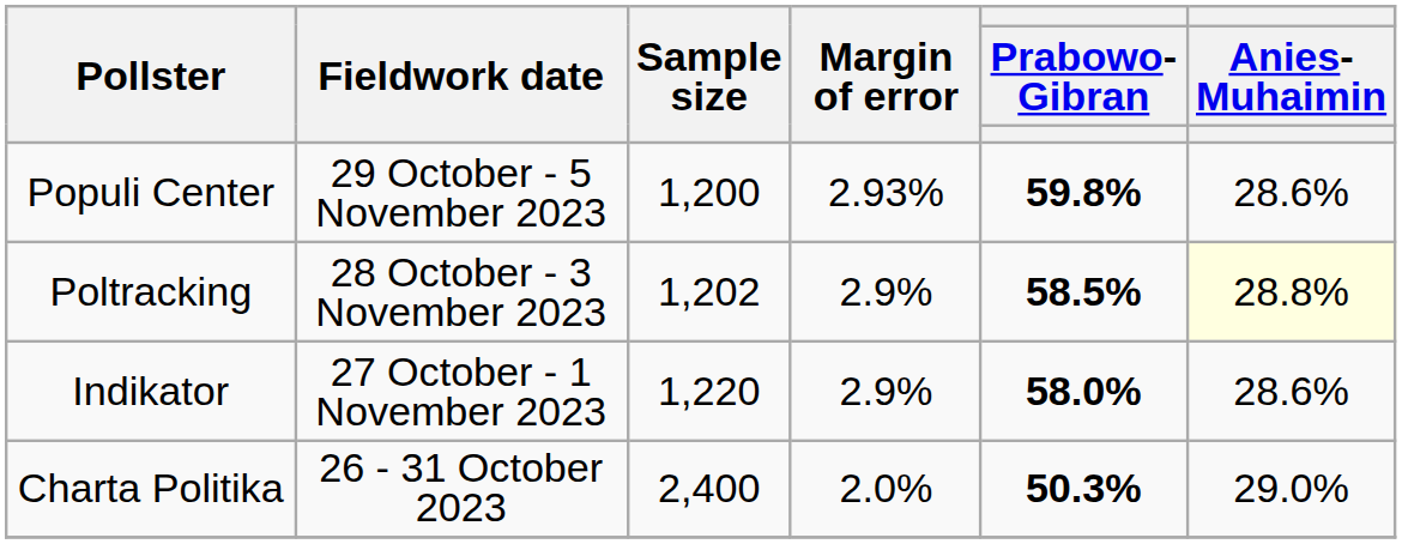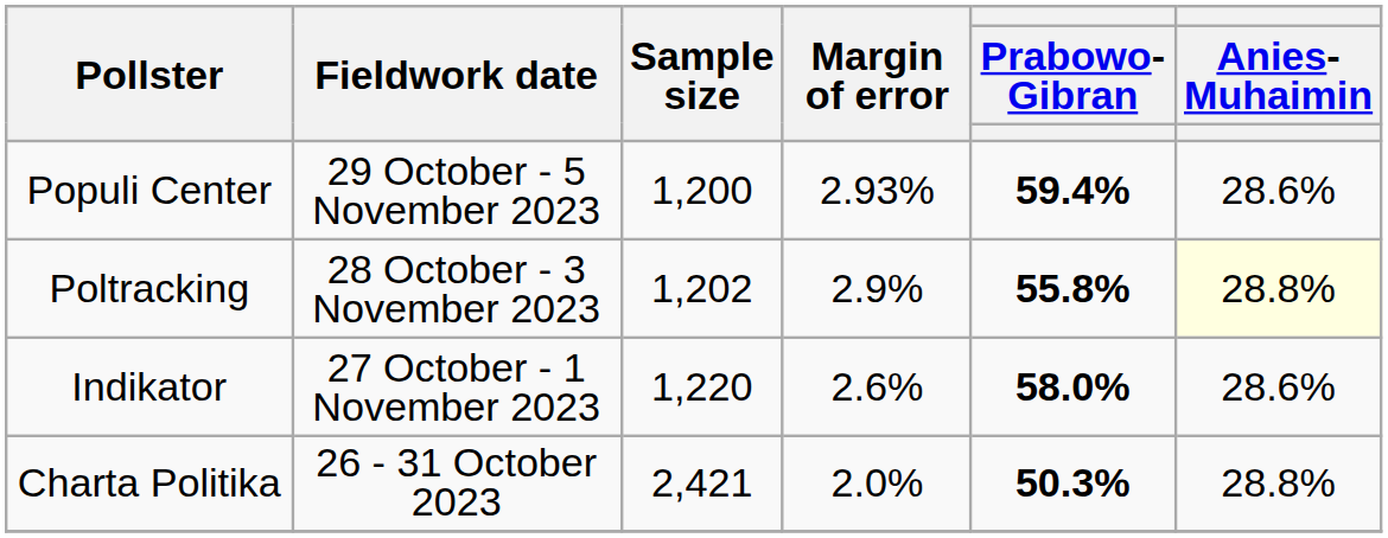 <table class="wikitable" style="text-align:center; font-size:90%; line-height:14px;">
 <tr bgcolor=lightgray>
 <th style="width:95px;" rowspan="3">Pollster</th>
 <th style="width:110px;" rowspan="3">Fieldwork date</th>
 <th style="width:35px;" rowspan="3">Sample size</th>
 <th rowspan="3" style="width:60px;">Margin of error</th>
 <th style="width:60px;"></th>
 <th style="width:60px;"></th>
 </tr>
 <tr>
 <th><a href='#'>Prabowo</a>-<a href='#'>Gibran</a><br></th>
 <th><a href='#'>Anies</a>-<a href='#'>Muhaimin</a><br></th>
 </tr>
 <tr>
 <th class="unsortable" style="color:inherit;background:"></th>
 <th class="unsortable" style="color:inherit;background:"></th>
 </tr>
 <tr>
 <td>Populi Center</td>
 <td>29 October - 5 November 2023</td>
 <td>1,200</td>
 <td>2.93%</td>
-<td style="background-color:#"><strong>59.8%</strong> </td>
+<td style="background-color:#"><strong>59.4%</strong> </td>
 <td>28.6%</td>
 </tr>
 <tr>
 <td>Poltracking</td>
 <td>28 October - 3 November 2023</td>
 <td>1,202</td>
 <td>2.9%</td>
-<td style="background-color:#"><strong>58.5%</strong> </td>
+<td style="background-color:#"><strong>55.8%</strong> </td>
 <td style="background: lightyellow;">28.8% </td>
 </tr>
 <tr>
 <td>Indikator</td>
 <td>27 October - 1 November 2023</td>
 <td>1,220</td>
-<td>2.9%</td>
+<td>2.6%</td>
 <td style="background-color:#"><strong>58.0%</strong> </td>
 <td>28.6% </td>
 </tr>
 <tr>
 <td>Charta Politika</td>
 <td>26 - 31 October 2023</td>
-<td>2,400</td>
+<td>2,421</td>
 <td>2.0%</td>
 <td style="background-color:#"><strong>50.3%</strong> </td>
-<td>29.0%</td>
+<td>28.8%</td>
 </tr>
 <tr>
 </tr>
 </table>
